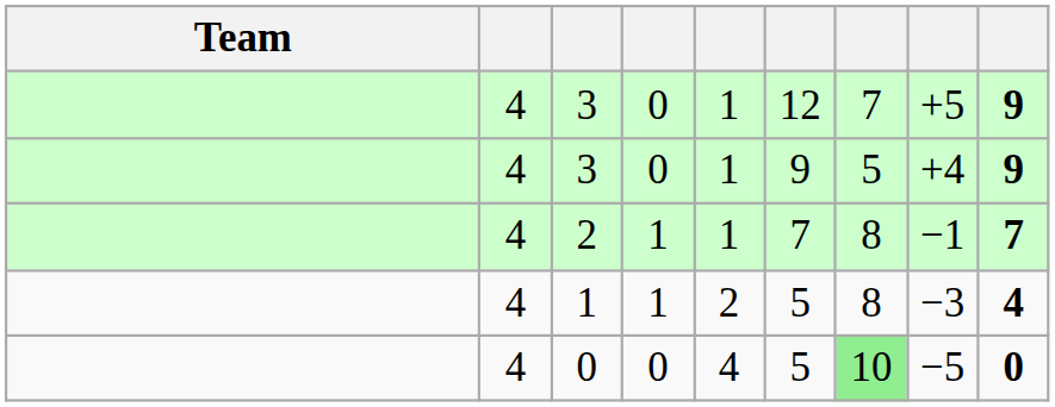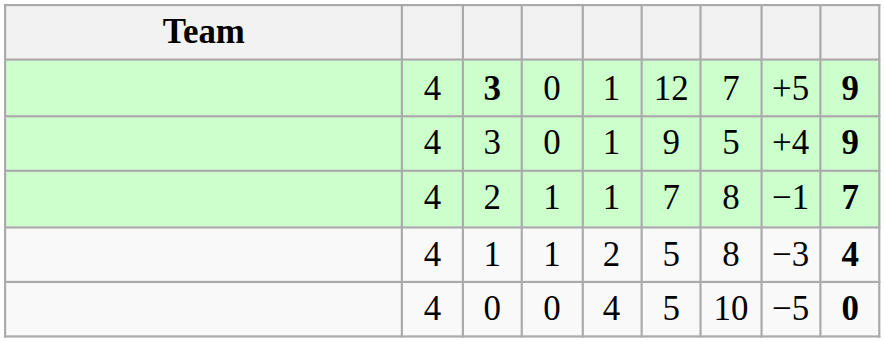 <table class="wikitable" style="text-align:center;">
 <tr>
 <th width=175>Team</th>
 <th width=20></th>
 <th width=20></th>
 <th width=20></th>
 <th width=20></th>
 <th width=20></th>
 <th width=20></th>
 <th width=20></th>
 <th width=20></th>
 </tr>
 <tr style="background:#ccffcc;">
 <td align=left></td>
 <td>4</td>
-<td>3</td>
+<td><strong>3</strong></td>
 <td>0</td>
 <td>1</td>
 <td>12</td>
 <td>7</td>
 <td>+5</td>
 <td><strong>9</strong></td>
 </tr>
 <tr style="background:#ccffcc;">
 <td align=left></td>
 <td>4</td>
 <td>3</td>
 <td>0</td>
 <td>1</td>
 <td>9</td>
 <td>5</td>
 <td>+4</td>
 <td><strong>9</strong></td>
 </tr>
 <tr style="background:#ccffcc;">
 <td align=left></td>
 <td>4</td>
 <td>2</td>
 <td>1</td>
 <td>1</td>
 <td>7</td>
 <td>8</td>
 <td>−1</td>
 <td><strong>7</strong></td>
 </tr>
 <tr>
 <td align=left></td>
 <td>4</td>
 <td>1</td>
 <td>1</td>
 <td>2</td>
 <td>5</td>
 <td>8</td>
 <td>−3</td>
 <td><strong>4</strong></td>
 </tr>
 <tr>
 <td align=left></td>
 <td>4</td>
 <td>0</td>
 <td>0</td>
 <td>4</td>
 <td>5</td>
-<td style="background: lightgreen;">10</td>
+<td>10</td>
 <td>−5</td>
 <td><strong>0</strong></td>
 </tr>
 </table>
